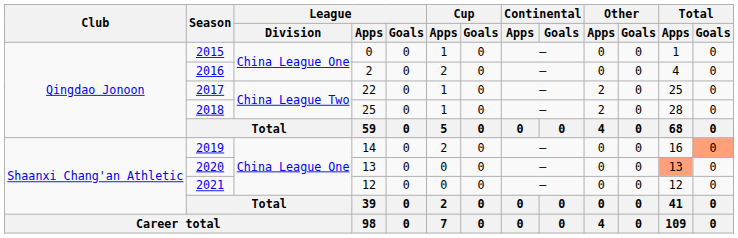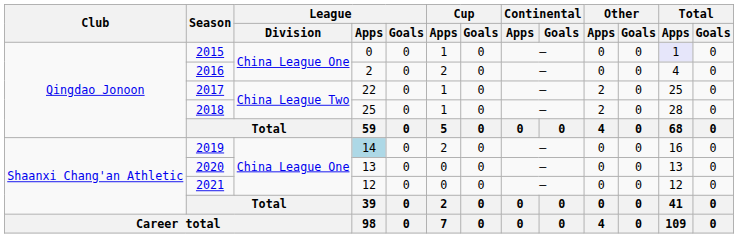 <table class="wikitable" style="text-align: center">
 <tr>
 <th rowspan="2">Club</th>
 <th rowspan="2">Season</th>
 <th colspan="3">League</th>
 <th colspan="2">Cup</th>
 <th colspan="2">Continental</th>
 <th colspan="2">Other</th>
 <th colspan="2">Total</th>
 </tr>
 <tr>
 <th>Division</th>
 <th>Apps</th>
 <th>Goals</th>
 <th>Apps</th>
 <th>Goals</th>
 <th>Apps</th>
 <th>Goals</th>
 <th>Apps</th>
 <th>Goals</th>
 <th>Apps</th>
 <th>Goals</th>
 </tr>
 <tr>
 <td rowspan="5"><a href='#'>Qingdao Jonoon</a></td>
 <td><a href='#'>2015</a></td>
 <td rowspan="2"><a href='#'>China League One</a></td>
 <td>0</td>
 <td>0</td>
 <td>1</td>
 <td>0</td>
 <td colspan="2">–</td>
 <td>0</td>
 <td>0</td>
-<td>1</td>
+<td style="background: lavender;">1</td>
 <td>0</td>
 </tr>
 <tr>
 <td><a href='#'>2016</a></td>
 <td>2</td>
 <td>0</td>
 <td>2</td>
 <td>0</td>
 <td colspan="2">–</td>
 <td>0</td>
 <td>0</td>
 <td>4</td>
 <td>0</td>
 </tr>
 <tr>
 <td><a href='#'>2017</a></td>
 <td rowspan="2"><a href='#'>China League Two</a></td>
 <td>22</td>
 <td>0</td>
 <td>1</td>
 <td>0</td>
 <td colspan="2">–</td>
 <td>2</td>
 <td>0</td>
 <td>25</td>
 <td>0</td>
 </tr>
 <tr>
 <td><a href='#'>2018</a></td>
 <td>25</td>
 <td>0</td>
 <td>1</td>
 <td>0</td>
 <td colspan="2">–</td>
 <td>2</td>
 <td>0</td>
 <td>28</td>
 <td>0</td>
 </tr>
 <tr>
 <th colspan=2>Total</th>
 <th>59</th>
 <th>0</th>
 <th>5</th>
 <th>0</th>
 <th>0</th>
 <th>0</th>
 <th>4</th>
 <th>0</th>
 <th>68</th>
 <th>0</th>
 </tr>
 <tr>
 <td rowspan="4"><a href='#'>Shaanxi Chang'an Athletic</a></td>
 <td><a href='#'>2019</a></td>
 <td rowspan="3"><a href='#'>China League One</a></td>
-<td>14</td>
+<td style="background: lightblue;">14</td>
 <td>0</td>
 <td>2</td>
 <td>0</td>
 <td colspan="2">–</td>
 <td>0</td>
 <td>0</td>
 <td>16</td>
-<td style="background: lightsalmon;">0</td>
+<td>0</td>
 </tr>
 <tr>
 <td><a href='#'>2020</a></td>
 <td>13</td>
 <td>0</td>
 <td>0</td>
 <td>0</td>
 <td colspan="2">–</td>
 <td>0</td>
 <td>0</td>
-<td style="background: lightsalmon;">13</td>
+<td>13</td>
 <td>0</td>
 </tr>
 <tr>
 <td><a href='#'>2021</a></td>
 <td>12</td>
 <td>0</td>
 <td>0</td>
 <td>0</td>
 <td colspan="2">–</td>
 <td>0</td>
 <td>0</td>
 <td>12</td>
 <td>0</td>
 </tr>
 <tr>
 <th colspan=2>Total</th>
 <th>39</th>
 <th>0</th>
 <th>2</th>
 <th>0</th>
 <th>0</th>
 <th>0</th>
 <th>0</th>
 <th>0</th>
 <th>41</th>
 <th>0</th>
 </tr>
 <tr>
 <th colspan=3>Career total</th>
 <th>98</th>
 <th>0</th>
 <th>7</th>
 <th>0</th>
 <th>0</th>
 <th>0</th>
 <th>4</th>
 <th>0</th>
 <th>109</th>
 <th>0</th>
 </tr>
 </table>
